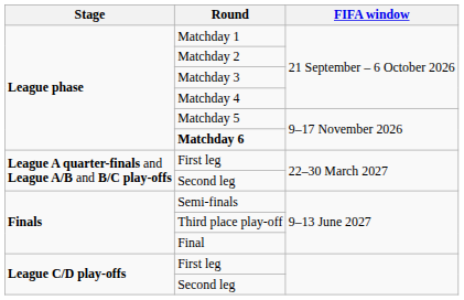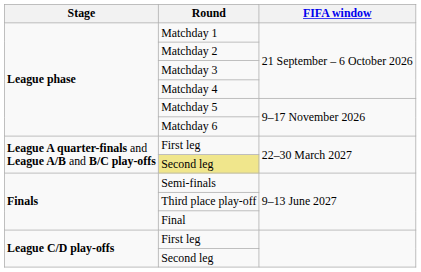 <table class="wikitable">
 <tr>
 <th>Stage</th>
 <th>Round</th>
 <th><a href='#'>FIFA window</a></th>
 </tr>
 <tr>
 <td rowspan="6"><strong>League phase</strong></td>
 <td>Matchday 1</td>
 <td rowspan="4">21 September – 6 October 2026</td>
 </tr>
 <tr>
 <td>Matchday 2</td>
 </tr>
 <tr>
 <td>Matchday 3</td>
 </tr>
 <tr>
 <td>Matchday 4</td>
 </tr>
 <tr>
 <td>Matchday 5</td>
 <td rowspan="2">9–17 November 2026</td>
 </tr>
 <tr>
-<td><strong>Matchday 6</strong></td>
+<td>Matchday 6</td>
 </tr>
 <tr>
 <td rowspan="2"><strong>League A quarter-finals</strong> and<br><strong>League A/B</strong> and <strong>B/C play-offs</strong></td>
 <td>First leg</td>
 <td rowspan="2">22–30 March 2027</td>
 </tr>
 <tr>
-<td>Second leg</td>
+<td style="background: khaki;">Second leg</td>
 </tr>
 <tr>
 <td rowspan="3"><strong>Finals</strong></td>
 <td>Semi-finals</td>
 <td rowspan="3">9–13 June 2027</td>
 </tr>
 <tr>
 <td>Third place play-off</td>
 </tr>
 <tr>
 <td>Final</td>
 </tr>
 <tr>
 <td rowspan="2"><strong>League C/D play-offs</strong></td>
 <td>First leg</td>
 <td rowspan="2"></td>
 </tr>
 <tr>
 <td>Second leg</td>
 </tr>
 </table>
